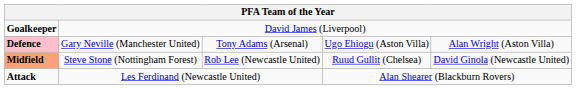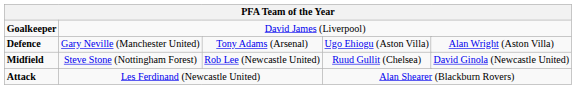 <table class="wikitable">
 <tr>
 <th colspan="13">PFA Team of the Year</th>
 </tr>
 <tr>
 <td><strong>Goalkeeper</strong></td>
 <td colspan="12" align="center"> <a href='#'>David James</a> (Liverpool)</td>
 </tr>
 <tr>
-<td style="background: pink;"><strong>Defence</strong></td>
+<td><strong>Defence</strong></td>
 <td colspan="3" align="center"> <a href='#'>Gary Neville</a> (Manchester United)</td>
 <td colspan="3" align="center"> <a href='#'>Tony Adams</a> (Arsenal)</td>
 <td colspan="3" align="center"> <a href='#'>Ugo Ehiogu</a> (Aston Villa)</td>
 <td colspan="3" align="center"> <a href='#'>Alan Wright</a> (Aston Villa)</td>
 </tr>
 <tr>
-<td style="background: lightsalmon;"><strong>Midfield</strong></td>
+<td><strong>Midfield</strong></td>
 <td colspan="3" align="center"> <a href='#'>Steve Stone</a> (Nottingham Forest)</td>
 <td colspan="3" align="center"> <a href='#'>Rob Lee</a> (Newcastle United)</td>
 <td colspan="3" align="center"> <a href='#'>Ruud Gullit</a> (Chelsea)</td>
 <td colspan="3" align="center"> <a href='#'>David Ginola</a> (Newcastle United)</td>
 </tr>
 <tr>
 <td><strong>Attack</strong></td>
 <td colspan="6" align="center"> <a href='#'>Les Ferdinand</a> (Newcastle United)</td>
 <td colspan="6" align="center"> <a href='#'>Alan Shearer</a> (Blackburn Rovers)</td>
 </tr>
 </table>
